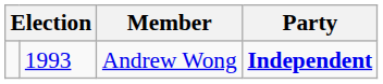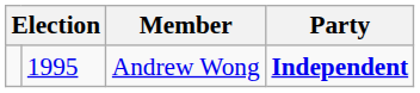 <table class="wikitable">
 <tr>
 <th colspan="2">Election</th>
 <th>Member</th>
 <th>Party</th>
 </tr>
 <tr>
 <td style="background-color: "></td>
-<td><a href='#'>1993</a></td>
+<td><a href='#'>1995</a></td>
 <td><a href='#'>Andrew Wong</a></td>
 <td><strong><a href='#'>Independent</a></strong></td>
 </tr>
 </table>
